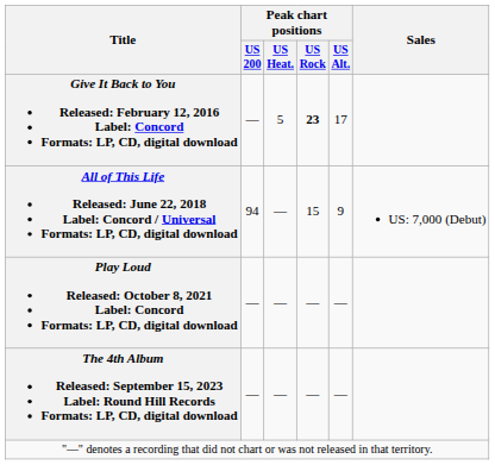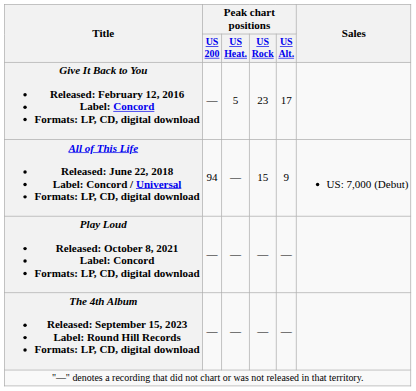 <table class="wikitable plainrowheaders" style="text-align:center;">
 <tr>
 <th scope="col" rowspan="2">Title</th>
 <th scope="col" colspan="4">Peak chart positions</th>
 <th rowspan="2">Sales</th>
 </tr>
 <tr>
 <th scope="col" style="width:1em;font-size:90%;"><a href='#'>US 200</a><br></th>
 <th scope="col" style="width:1em;font-size:90%;"><a href='#'>US Heat.</a><br></th>
 <th scope="col" style="width:1em;font-size:90%;"><a href='#'>US Rock</a><br></th>
 <th scope="col" style="width:1em;font-size:90%;"><a href='#'>US Alt.</a><br></th>
 </tr>
 <tr>
 <th scope="row"><em>Give It Back to You</em><br><ul><li>Released: February 12, 2016</li><li>Label: <a href='#'>Concord</a></li><li>Formats: LP, CD, digital download</li></ul></th>
 <td>—</td>
 <td>5</td>
-<td><strong>23</strong></td>
+<td>23</td>
 <td>17</td>
 <td></td>
 </tr>
 <tr>
 <th scope="row"><em><a href='#'>All of This Life</a></em><br><ul><li>Released: June 22, 2018</li><li>Label: Concord / <a href='#'>Universal</a></li><li>Formats: LP, CD, digital download</li></ul></th>
 <td>94</td>
 <td>—</td>
 <td>15</td>
 <td>9</td>
 <td><br><ul><li>US: 7,000 (Debut)</li></ul></td>
 </tr>
 <tr>
 <th scope="row"><em>Play Loud</em><br><ul><li>Released: October 8, 2021</li><li>Label: Concord</li><li>Formats: LP, CD, digital download</li></ul></th>
 <td>—</td>
 <td>—</td>
 <td>—</td>
 <td>—</td>
 <td></td>
 </tr>
 <tr>
 <th scope="row"><em>The 4th Album</em><br><ul><li>Released: September 15, 2023</li><li>Label: Round Hill Records</li><li>Formats: LP, CD, digital download</li></ul></th>
 <td>—</td>
 <td>—</td>
 <td>—</td>
 <td>—</td>
 <td></td>
 </tr>
 <tr>
 <td colspan="6" style="font-size:90%">"—" denotes a recording that did not chart or was not released in that territory.</td>
 </tr>
 </table>
